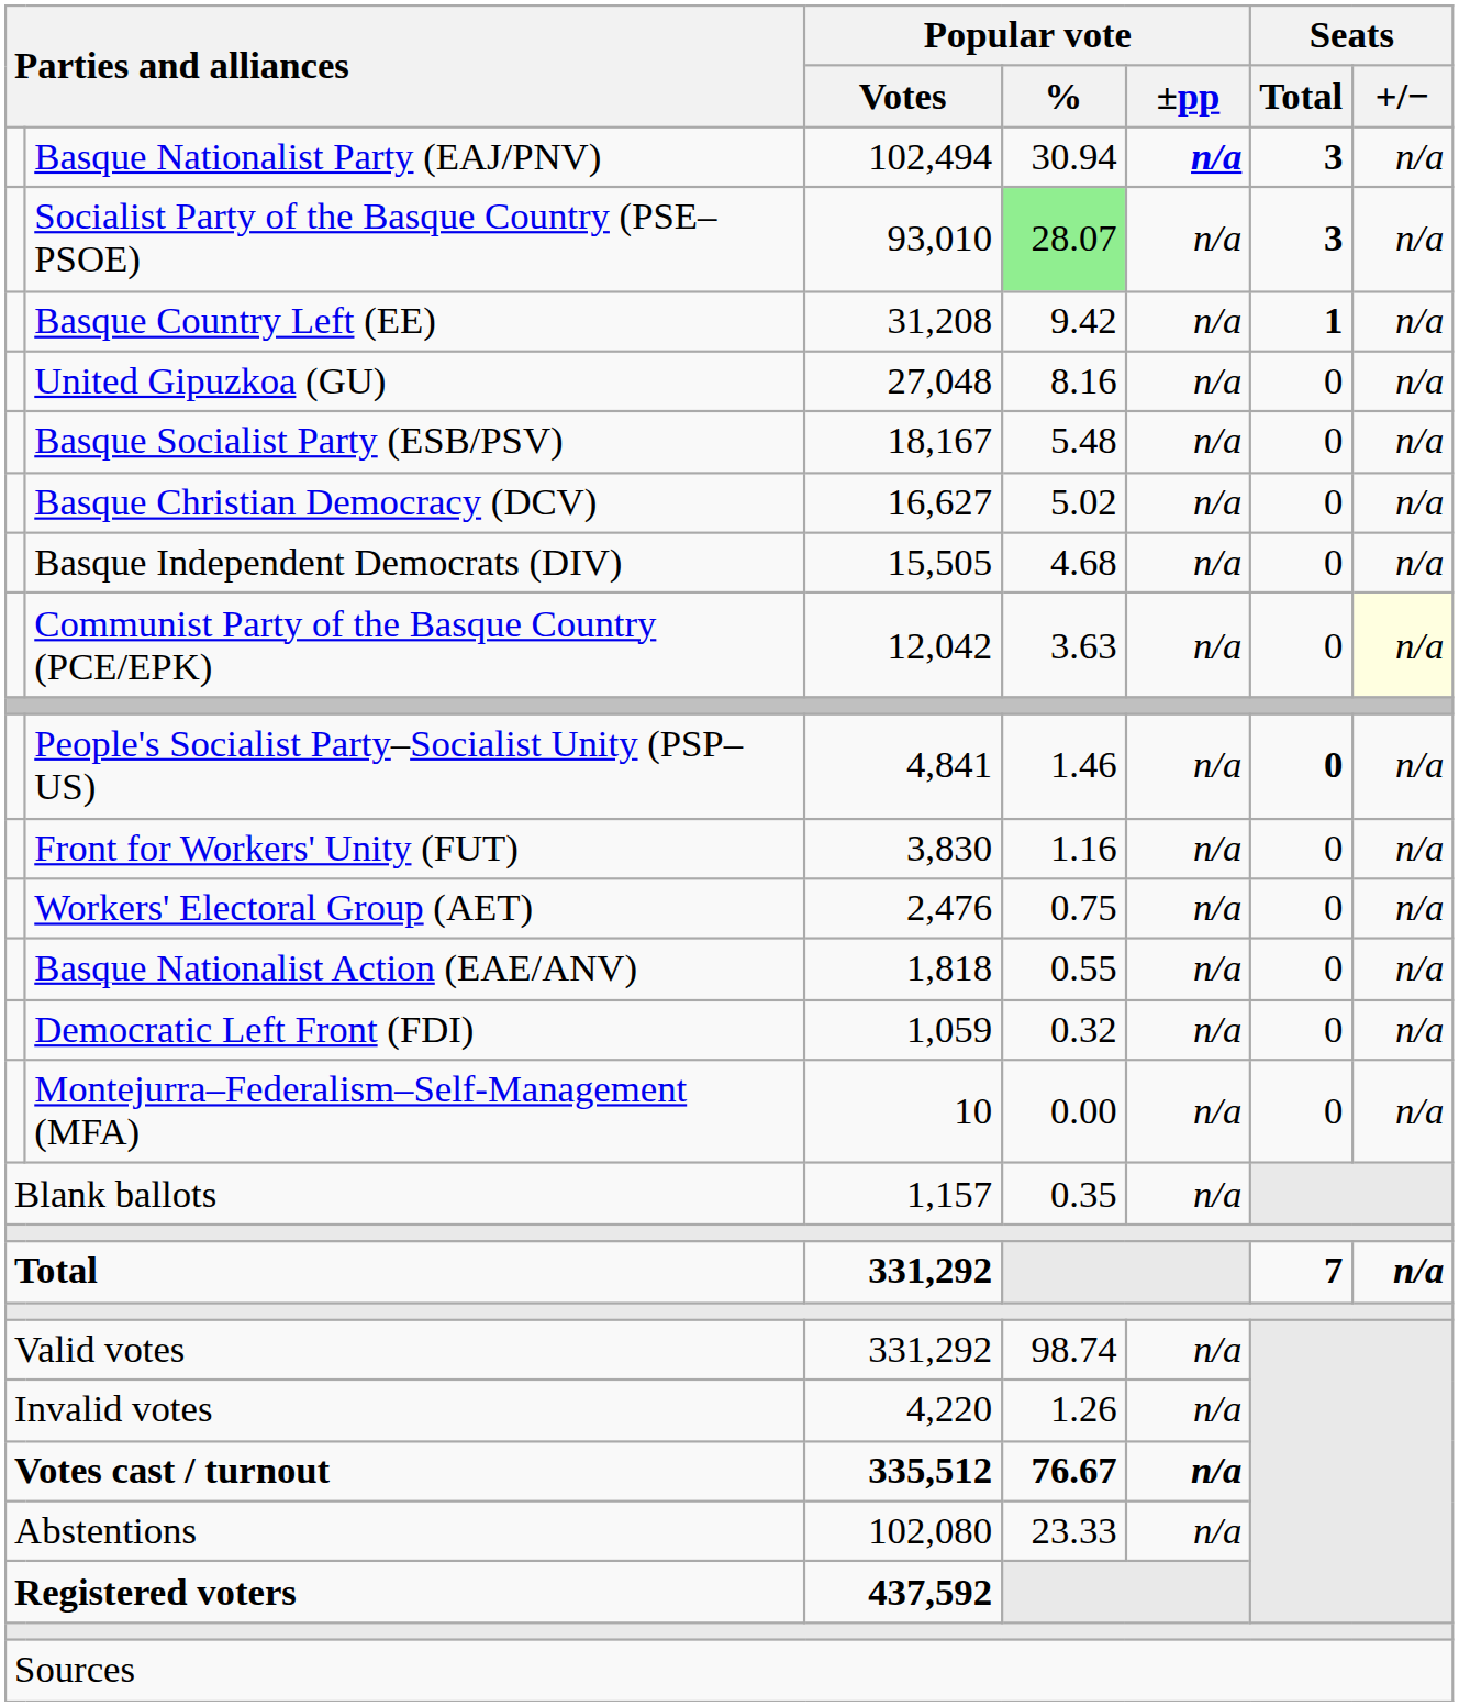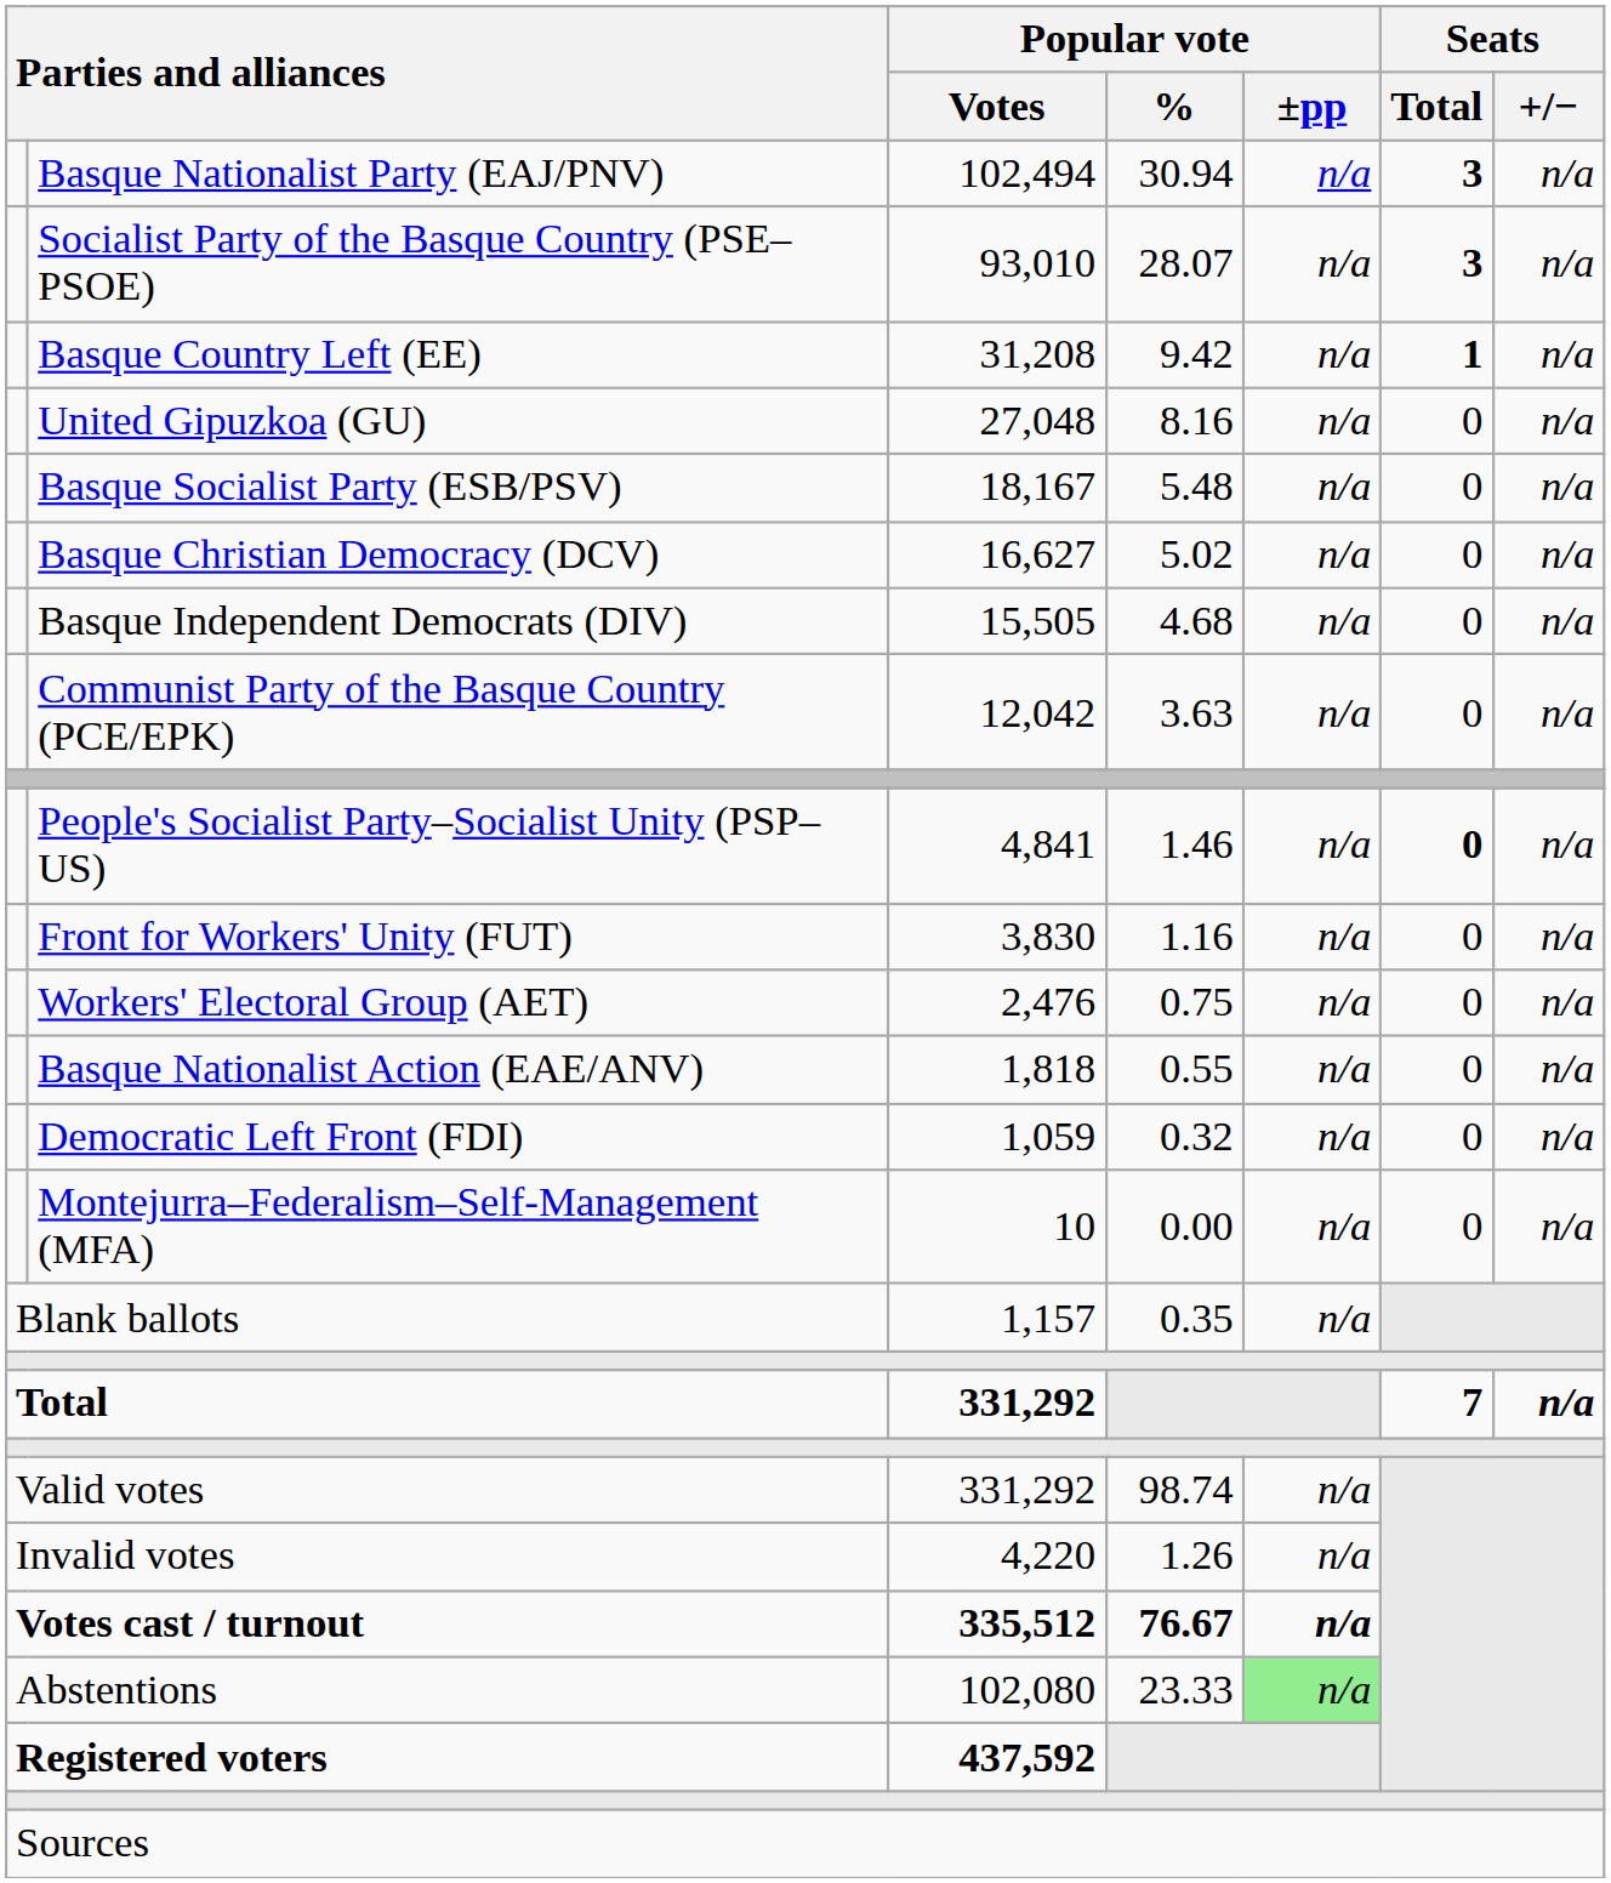 <table class="wikitable" style="text-align:right;">
 <tr>
 <th style="text-align:left;" rowspan="2" colspan="2" width="525">Parties and alliances</th>
 <th colspan="3">Popular vote</th>
 <th colspan="2">Seats</th>
 </tr>
 <tr>
 <th width="75">Votes</th>
 <th width="45">%</th>
 <th width="45">±<a href='#'>pp</a></th>
 <th width="35">Total</th>
 <th width="35">+/−</th>
 </tr>
 <tr>
 <td width="1" style="color:inherit;background:"></td>
 <td align="left"><a href='#'>Basque Nationalist Party</a> (EAJ/PNV)</td>
 <td>102,494</td>
 <td>30.94</td>
-<td><strong><em><a href='#'>n/a</a></em></strong></td>
+<td><em><a href='#'>n/a</a></em></td>
 <td><strong>3</strong></td>
 <td><em>n/a</em></td>
 </tr>
 <tr>
 <td style="color:inherit;background:"></td>
 <td align="left"><a href='#'>Socialist Party of the Basque Country</a> (PSE–PSOE)</td>
 <td>93,010</td>
-<td style="background: lightgreen;">28.07</td>
+<td>28.07</td>
 <td><em>n/a</em></td>
 <td><strong>3</strong></td>
 <td><em>n/a</em></td>
 </tr>
 <tr>
 <td style="color:inherit;background:"></td>
 <td align="left"><a href='#'>Basque Country Left</a> (EE)</td>
 <td>31,208</td>
 <td>9.42</td>
 <td><em>n/a</em></td>
 <td><strong>1</strong></td>
 <td><em>n/a</em></td>
 </tr>
 <tr>
 <td style="color:inherit;background:"></td>
 <td align="left"><a href='#'>United Gipuzkoa</a> (GU)</td>
 <td>27,048</td>
 <td>8.16</td>
 <td><em>n/a</em></td>
 <td>0</td>
 <td><em>n/a</em></td>
 </tr>
 <tr>
 <td style="color:inherit;background:"></td>
 <td align="left"><a href='#'>Basque Socialist Party</a> (ESB/PSV)</td>
 <td>18,167</td>
 <td>5.48</td>
 <td><em>n/a</em></td>
 <td>0</td>
 <td><em>n/a</em></td>
 </tr>
 <tr>
 <td style="color:inherit;background:"></td>
 <td align="left"><a href='#'>Basque Christian Democracy</a> (DCV)</td>
 <td>16,627</td>
 <td>5.02</td>
 <td><em>n/a</em></td>
 <td>0</td>
 <td><em>n/a</em></td>
 </tr>
 <tr>
 <td style="color:inherit;background:"></td>
 <td align="left">Basque Independent Democrats (DIV)</td>
 <td>15,505</td>
 <td>4.68</td>
 <td><em>n/a</em></td>
 <td>0</td>
 <td><em>n/a</em></td>
 </tr>
 <tr>
 <td style="color:inherit;background:"></td>
 <td align="left"><a href='#'>Communist Party of the Basque Country</a> (PCE/EPK)</td>
 <td>12,042</td>
 <td>3.63</td>
 <td><em>n/a</em></td>
 <td>0</td>
-<td style="background: lightyellow;"><em>n/a</em></td>
+<td><em>n/a</em></td>
 </tr>
 <tr>
 <td colspan="7" bgcolor="#C0C0C0"></td>
 </tr>
 <tr>
 <td style="color:inherit;background:"></td>
 <td align="left"><a href='#'>People's Socialist Party</a>–<a href='#'>Socialist Unity</a> (PSP–US)</td>
 <td>4,841</td>
 <td>1.46</td>
 <td><em>n/a</em></td>
 <td><strong>0</strong></td>
 <td><em>n/a</em></td>
 </tr>
 <tr>
 <td style="color:inherit;background:"></td>
 <td align="left"><a href='#'>Front for Workers' Unity</a> (FUT)</td>
 <td>3,830</td>
 <td>1.16</td>
 <td><em>n/a</em></td>
 <td>0</td>
 <td><em>n/a</em></td>
 </tr>
 <tr>
 <td style="color:inherit;background:"></td>
 <td align="left"><a href='#'>Workers' Electoral Group</a> (AET)</td>
 <td>2,476</td>
 <td>0.75</td>
 <td><em>n/a</em></td>
 <td>0</td>
 <td><em>n/a</em></td>
 </tr>
 <tr>
 <td style="color:inherit;background:"></td>
 <td align="left"><a href='#'>Basque Nationalist Action</a> (EAE/ANV)</td>
 <td>1,818</td>
 <td>0.55</td>
 <td><em>n/a</em></td>
 <td>0</td>
 <td><em>n/a</em></td>
 </tr>
 <tr>
 <td style="color:inherit;background:"></td>
 <td align="left"><a href='#'>Democratic Left Front</a> (FDI)</td>
 <td>1,059</td>
 <td>0.32</td>
 <td><em>n/a</em></td>
 <td>0</td>
 <td><em>n/a</em></td>
 </tr>
 <tr>
 <td style="color:inherit;background:"></td>
 <td align="left"><a href='#'>Montejurra–Federalism–Self-Management</a> (MFA)</td>
 <td>10</td>
 <td>0.00</td>
 <td><em>n/a</em></td>
 <td>0</td>
 <td><em>n/a</em></td>
 </tr>
 <tr>
 <td align="left" colspan="2">Blank ballots</td>
 <td>1,157</td>
 <td>0.35</td>
 <td><em>n/a</em></td>
 <td bgcolor="#E9E9E9" colspan="2"></td>
 </tr>
 <tr>
 <td colspan="7" bgcolor="#E9E9E9"></td>
 </tr>
 <tr style="font-weight:bold;">
 <td align="left" colspan="2">Total</td>
 <td>331,292</td>
 <td bgcolor="#E9E9E9" colspan="2"></td>
 <td>7</td>
 <td><em>n/a</em></td>
 </tr>
 <tr>
 <td colspan="7" bgcolor="#E9E9E9"></td>
 </tr>
 <tr>
 <td align="left" colspan="2">Valid votes</td>
 <td>331,292</td>
 <td>98.74</td>
 <td><em>n/a</em></td>
 <td bgcolor="#E9E9E9" colspan="2" rowspan="5"></td>
 </tr>
 <tr>
 <td align="left" colspan="2">Invalid votes</td>
 <td>4,220</td>
 <td>1.26</td>
 <td><em>n/a</em></td>
 </tr>
 <tr style="font-weight:bold;">
 <td align="left" colspan="2">Votes cast / turnout</td>
 <td>335,512</td>
 <td>76.67</td>
 <td><em>n/a</em></td>
 </tr>
 <tr>
 <td align="left" colspan="2">Abstentions</td>
 <td>102,080</td>
 <td>23.33</td>
-<td><em>n/a</em></td>
+<td style="background: lightgreen;"><em>n/a</em></td>
 </tr>
 <tr style="font-weight:bold;">
 <td align="left" colspan="2">Registered voters</td>
 <td>437,592</td>
 <td bgcolor="#E9E9E9" colspan="2"></td>
 </tr>
 <tr>
 <td colspan="7" bgcolor="#E9E9E9"></td>
 </tr>
 <tr>
 <td align="left" colspan="7">Sources</td>
 </tr>
 </table>
